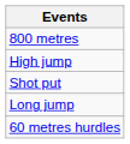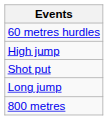 <table class=wikitable style="font-size:95%" align=right>
 <tr>
 <th>Events</th>
 </tr>
 <tr>
-<td><a href='#'>800 metres</a></td>
+<td><a href='#'>60 metres hurdles</a></td>
 </tr>
 <tr>
 <td><a href='#'>High jump</a></td>
 </tr>
 <tr>
 <td><a href='#'>Shot put</a></td>
 </tr>
 <tr>
 <td><a href='#'>Long jump</a></td>
 </tr>
 <tr>
-<td><a href='#'>60 metres hurdles</a></td>
+<td><a href='#'>800 metres</a></td>
 </tr>
 </table>
